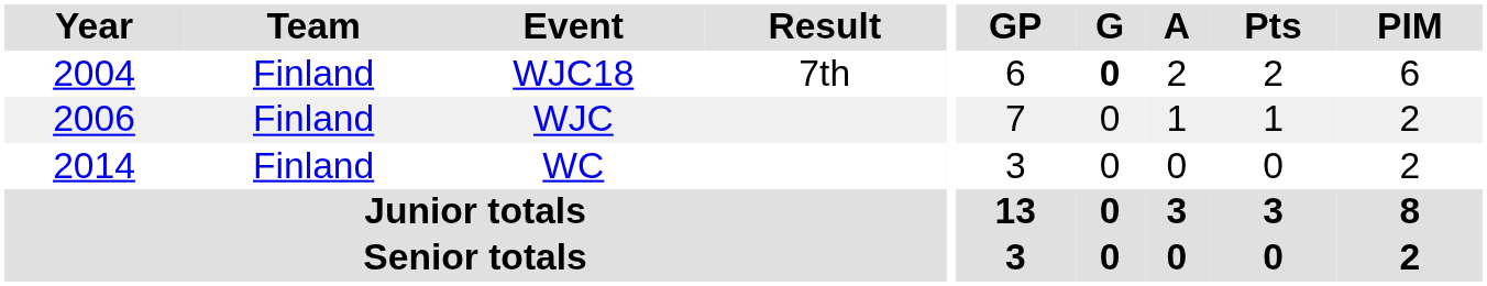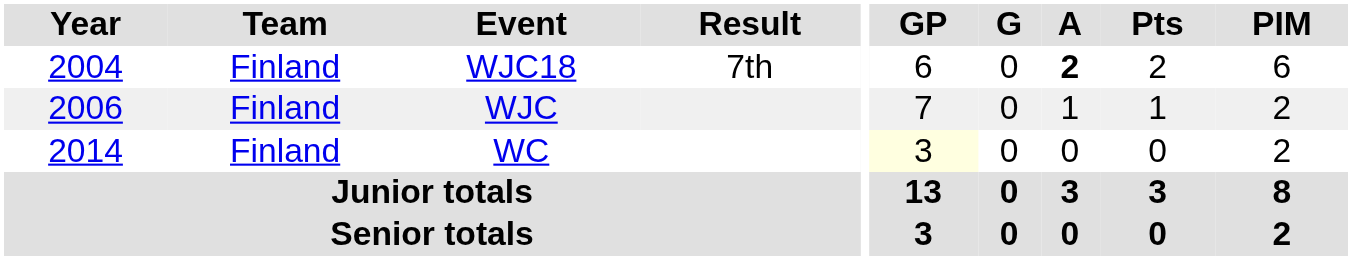 <table border="0" cellpadding="1" cellspacing="0" ID="Table3" style="text-align:center; width:40em">
 <tr ALIGN="center" bgcolor="#e0e0e0">
 <th>Year</th>
 <th>Team</th>
 <th>Event</th>
 <th>Result</th>
 <th rowspan="99" bgcolor="#ffffff"></th>
 <th>GP</th>
 <th>G</th>
 <th>A</th>
 <th>Pts</th>
 <th>PIM</th>
 </tr>
 <tr>
 <td><a href='#'>2004</a></td>
 <td><a href='#'>Finland</a></td>
 <td><a href='#'>WJC18</a></td>
 <td>7th</td>
 <td>6</td>
-<td><strong>0</strong></td>
-<td>2</td>
+<td>0</td>
+<td><strong>2</strong></td>
 <td>2</td>
 <td>6</td>
 </tr>
 <tr bgcolor="#f0f0f0">
 <td><a href='#'>2006</a></td>
 <td><a href='#'>Finland</a></td>
 <td><a href='#'>WJC</a></td>
 <td></td>
 <td>7</td>
 <td>0</td>
 <td>1</td>
 <td>1</td>
 <td>2</td>
 </tr>
 <tr>
 <td><a href='#'>2014</a></td>
 <td><a href='#'>Finland</a></td>
 <td><a href='#'>WC</a></td>
 <td></td>
-<td>3</td>
+<td style="background: lightyellow;">3</td>
 <td>0</td>
 <td>0</td>
 <td>0</td>
 <td>2</td>
 </tr>
 <tr bgcolor="#e0e0e0">
 <th colspan="4">Junior totals</th>
 <th>13</th>
 <th>0</th>
 <th>3</th>
 <th>3</th>
 <th>8</th>
 </tr>
 <tr bgcolor="#e0e0e0">
 <th colspan="4">Senior totals</th>
 <th>3</th>
 <th>0</th>
 <th>0</th>
 <th>0</th>
 <th>2</th>
 </tr>
 </table>
